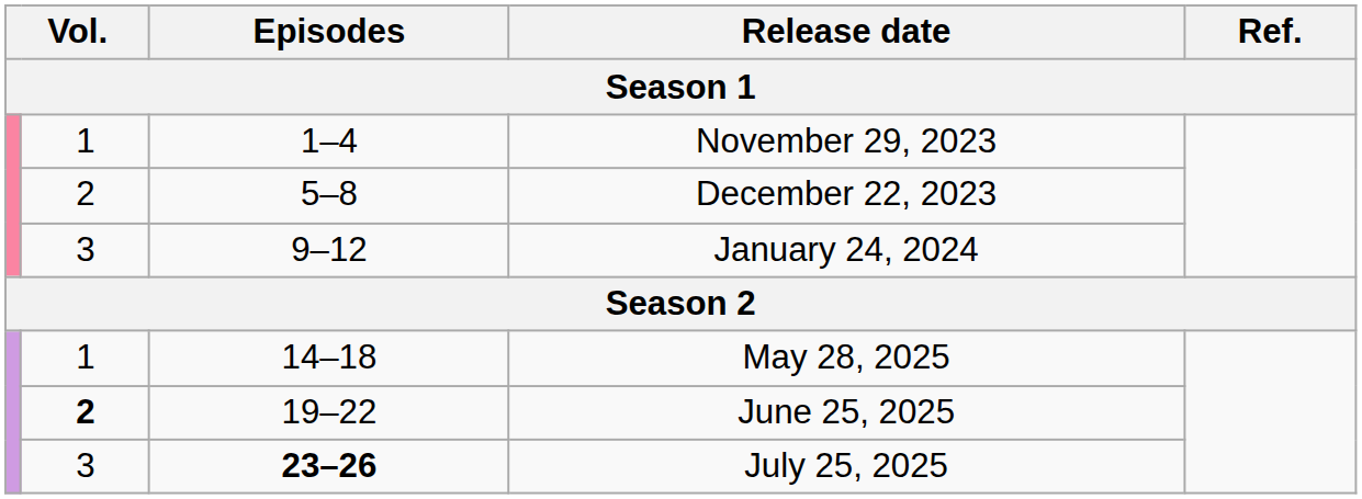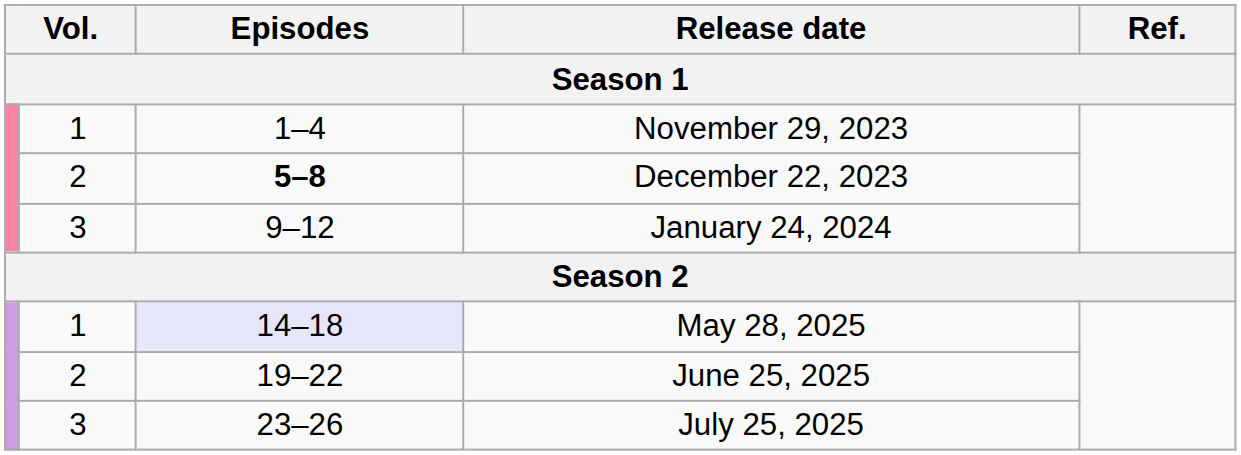 <table class="wikitable" style="text-align: center; width: 50%;">
 <tr>
 <th colspan="2">Vol.</th>
 <th>Episodes</th>
 <th>Release date</th>
 <th>Ref.</th>
 </tr>
 <tr>
 <th colspan="5">Season 1</th>
 </tr>
 <tr>
 <td rowspan="3" width="1%" style="background: #FB84A2;"></td>
 <td>1</td>
 <td>1–4</td>
 <td>November 29, 2023</td>
 <td rowspan="3"></td>
 </tr>
 <tr>
 <td>2</td>
-<td>5–8</td>
+<td><strong>5–8</strong></td>
 <td>December 22, 2023</td>
 </tr>
 <tr>
 <td>3</td>
 <td>9–12</td>
 <td>January 24, 2024</td>
 </tr>
 <tr>
 <th colspan="5">Season 2</th>
 </tr>
 <tr>
 <td rowspan="3" width="1%" style="background: #CF9BE2;"></td>
 <td>1</td>
-<td>14–18</td>
+<td style="background: lavender;">14–18</td>
 <td>May 28, 2025</td>
 <td rowspan="3"></td>
 </tr>
 <tr>
-<td><strong>2</strong></td>
+<td>2</td>
 <td>19–22</td>
 <td>June 25, 2025</td>
 </tr>
 <tr>
 <td>3</td>
-<td><strong>23–26</strong></td>
+<td>23–26</td>
 <td>July 25, 2025</td>
 </tr>
 </table>
